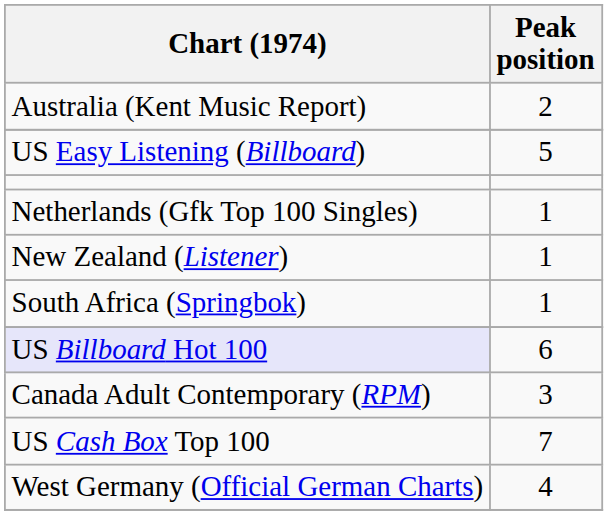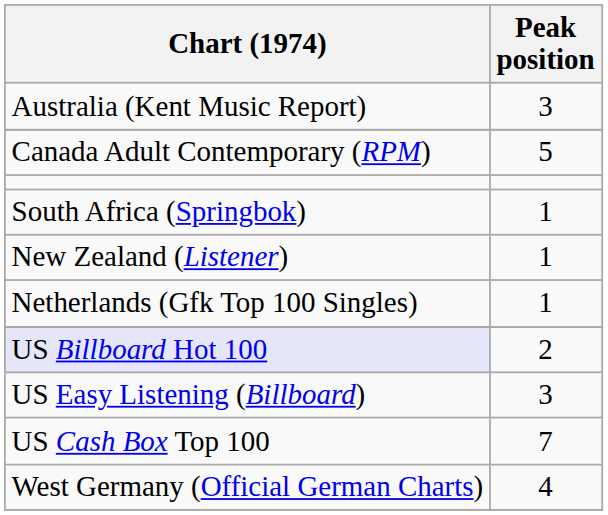 <table class="wikitable sortable">
 <tr>
 <th>Chart (1974)</th>
 <th>Peak<br>position</th>
 </tr>
 <tr>
 <td>Australia (Kent Music Report)</td>
-<td style="text-align:center;">2</td>
+<td style="text-align:center;">3</td>
 </tr>
 <tr>
 </tr>
 <tr>
 </tr>
 <tr>
-<td>US <a href='#'>Easy Listening</a> (<em><a href='#'>Billboard</a></em>)</td>
+<td>Canada Adult Contemporary (<em><a href='#'>RPM</a></em>)</td>
 <td style="text-align:center;">5</td>
 </tr>
 <tr>
 <td></td>
 </tr>
 <tr>
-<td>Netherlands (Gfk Top 100 Singles)</td>
+<td>South Africa (<a href='#'>Springbok</a>)</td>
 <td style="text-align:center;">1</td>
 </tr>
 <tr>
 <td>New Zealand (<em><a href='#'>Listener</a></em>)</td>
 <td style="text-align:center;">1</td>
 </tr>
 <tr>
-<td>South Africa (<a href='#'>Springbok</a>)</td>
+<td>Netherlands (Gfk Top 100 Singles)</td>
 <td style="text-align:center;">1</td>
 </tr>
 <tr>
 </tr>
 <tr>
 <td style="background: lavender;">US <a href='#'><em>Billboard</em> Hot 100</a></td>
-<td style="text-align:center;">6</td>
+<td style="text-align:center;">2</td>
 </tr>
 <tr>
-<td>Canada Adult Contemporary (<em><a href='#'>RPM</a></em>)</td>
+<td>US <a href='#'>Easy Listening</a> (<em><a href='#'>Billboard</a></em>)</td>
 <td align="center">3</td>
 </tr>
 <tr>
 <td>US <em><a href='#'>Cash Box</a></em> Top 100</td>
 <td style="text-align:center;">7</td>
 </tr>
 <tr>
 <td>West Germany (<a href='#'>Official German Charts</a>)</td>
 <td style="text-align:center;">4</td>
 </tr>
 <tr>
 </tr>
 </table>
